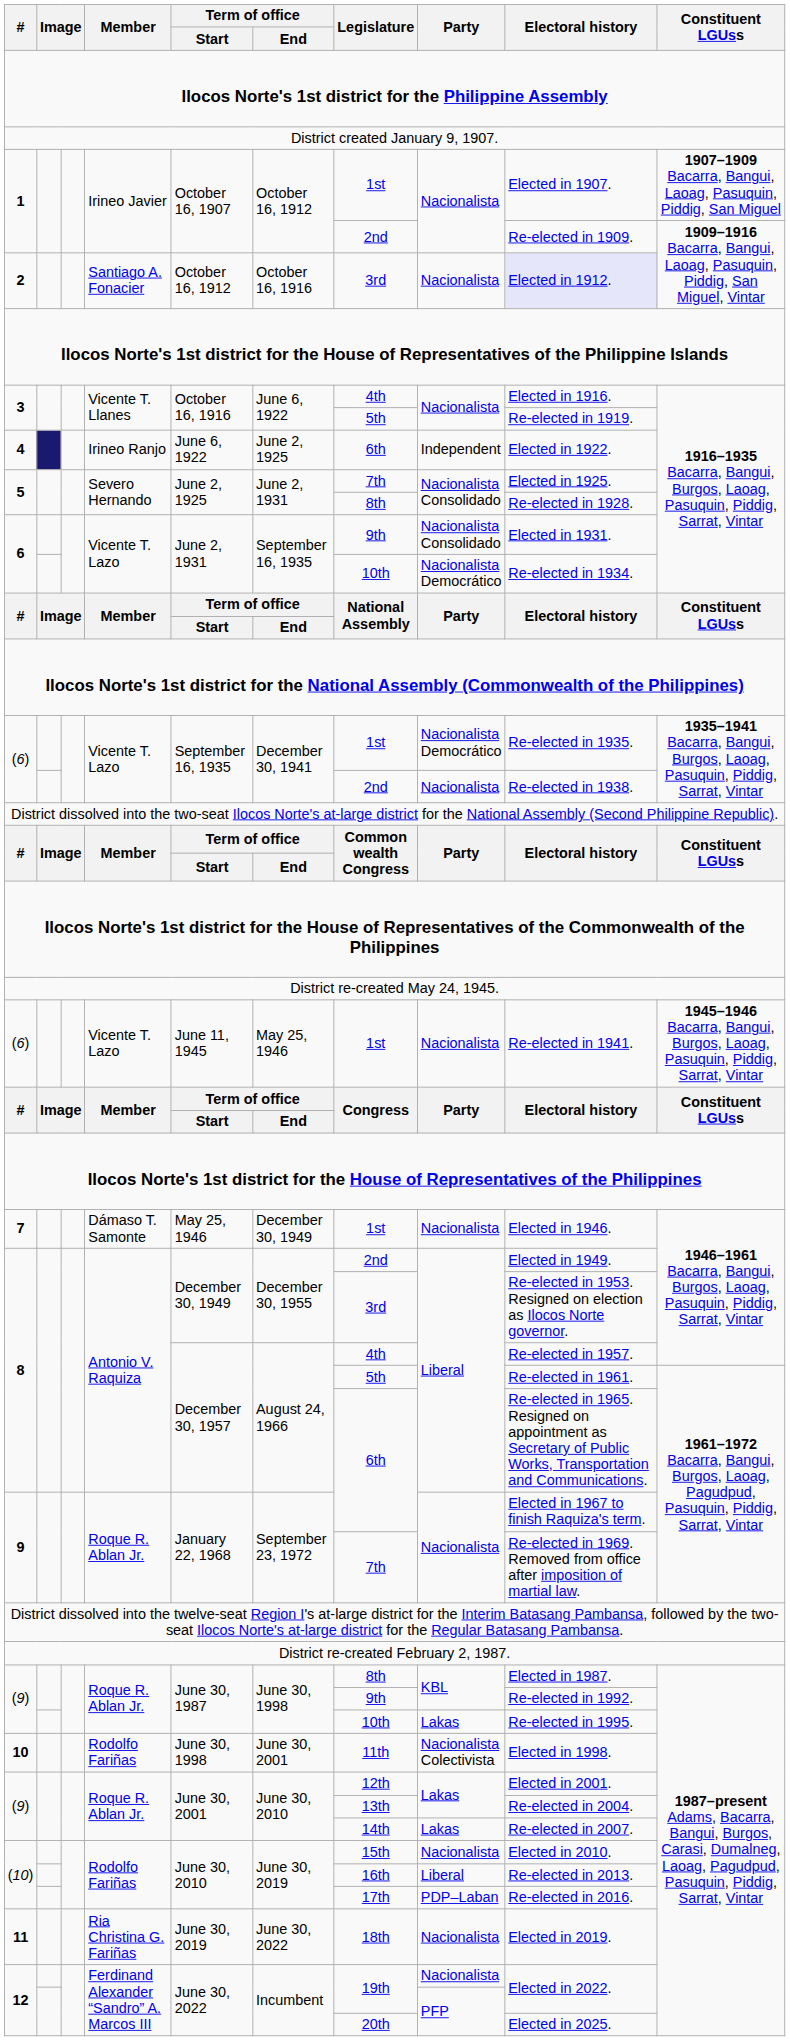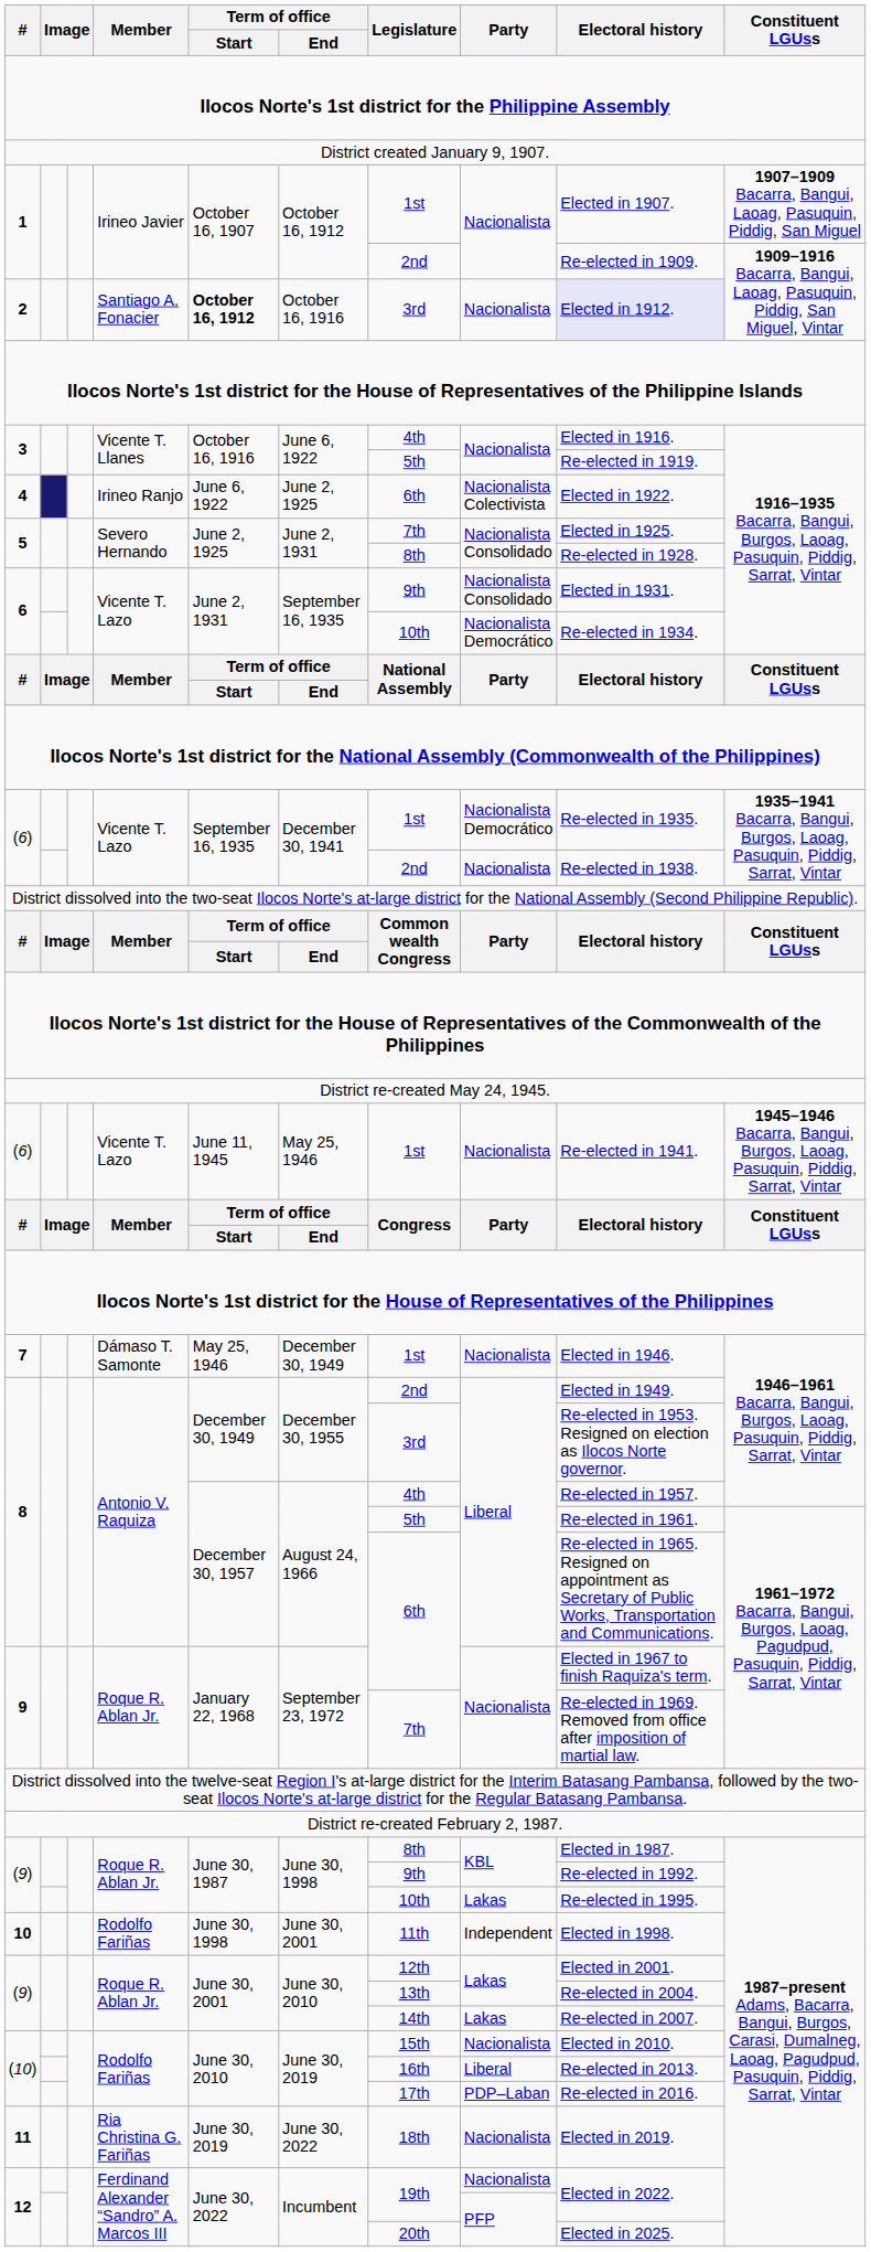 <table class=wikitable>
 <tr>
 <th rowspan="2">#</th>
 <th rowspan="2" colspan=2>Image</th>
 <th rowspan="2">Member</th>
 <th colspan=2>Term of office</th>
 <th rowspan="2">Legislature</th>
 <th rowspan="2">Party</th>
 <th rowspan="2">Electoral history</th>
 <th rowspan="2">Constituent<br><a href='#'>LGUs</a>s</th>
 </tr>
 <tr>
 <th>Start</th>
 <th>End</th>
 </tr>
 <tr>
 <td colspan="10" style="text-align:center;"><br><h3>Ilocos Norte's 1st district for the <a href='#'>Philippine Assembly</a></h3></td>
 </tr>
 <tr>
 <td colspan="10" style="text-align:center;">District created January 9, 1907.</td>
 </tr>
 <tr>
 <td rowspan="2" style="text-align:center;"><strong>1</strong></td>
 <td rowspan="2" style="color:inherit;background:"></td>
 <td rowspan="2"></td>
 <td rowspan="2">Irineo Javier</td>
 <td rowspan="2">October 16, 1907</td>
 <td rowspan="2">October 16, 1912</td>
 <td style="text-align:center;"><a href='#'>1st</a></td>
 <td rowspan="2"><a href='#'>Nacionalista</a></td>
 <td><a href='#'>Elected in 1907</a>.</td>
 <td style="text-align:center;"><strong>1907–1909</strong><br><a href='#'>Bacarra</a>, <a href='#'>Bangui</a>, <a href='#'>Laoag</a>, <a href='#'>Pasuquin</a>, <a href='#'>Piddig</a>, <a href='#'>San Miguel</a></td>
 </tr>
 <tr>
 <td style="text-align:center;"><a href='#'>2nd</a></td>
 <td><a href='#'>Re-elected in 1909</a>.</td>
 <td rowspan="2" style="text-align:center;"><strong>1909–1916</strong><br><a href='#'>Bacarra</a>, <a href='#'>Bangui</a>, <a href='#'>Laoag</a>, <a href='#'>Pasuquin</a>, <a href='#'>Piddig</a>, <a href='#'>San Miguel</a>, <a href='#'>Vintar</a></td>
 </tr>
 <tr>
 <td style="text-align:center;"><strong>2</strong></td>
 <td style="color:inherit;background:"></td>
 <td></td>
 <td><a href='#'>Santiago A. Fonacier</a></td>
-<td>October 16, 1912</td>
+<td><strong>October 16, 1912</strong></td>
 <td>October 16, 1916</td>
 <td style="text-align:center;"><a href='#'>3rd</a></td>
 <td><a href='#'>Nacionalista</a></td>
 <td style="background: lavender;"><a href='#'>Elected in 1912</a>.</td>
 </tr>
 <tr>
 <td colspan="10" style="text-align:center;"><br><h3>Ilocos Norte's 1st district for the House of Representatives of the Philippine Islands</h3></td>
 </tr>
 <tr>
 <td rowspan="2" style="text-align:center;"><strong>3</strong></td>
 <td rowspan="2" style="color:inherit;background:"></td>
 <td rowspan="2"></td>
 <td rowspan="2">Vicente T. Llanes</td>
 <td rowspan="2">October 16, 1916</td>
 <td rowspan="2">June 6, 1922</td>
 <td style="text-align:center;"><a href='#'>4th</a></td>
 <td rowspan="2"><a href='#'>Nacionalista</a></td>
 <td><a href='#'>Elected in 1916</a>.</td>
 <td rowspan="7" style="text-align:center;"><strong>1916–1935</strong><br><a href='#'>Bacarra</a>, <a href='#'>Bangui</a>, <a href='#'>Burgos</a>, <a href='#'>Laoag</a>, <a href='#'>Pasuquin</a>, <a href='#'>Piddig</a>, <a href='#'>Sarrat</a>, <a href='#'>Vintar</a></td>
 </tr>
 <tr>
 <td style="text-align:center;"><a href='#'>5th</a></td>
 <td><a href='#'>Re-elected in 1919</a>.</td>
 </tr>
 <tr>
 <td style="text-align:center;"><strong>4</strong></td>
 <td style="background-color:#191970"></td>
 <td></td>
 <td>Irineo Ranjo</td>
 <td>June 6, 1922</td>
 <td>June 2, 1925</td>
 <td style="text-align:center;"><a href='#'>6th</a></td>
-<td>Independent</td>
+<td><a href='#'>Nacionalista</a><br>Colectivista</td>
 <td><a href='#'>Elected in 1922</a>.</td>
 </tr>
 <tr>
 <td rowspan="2" style="text-align:center;"><strong>5</strong></td>
 <td rowspan="2" style="color:inherit;background:"></td>
 <td rowspan="2"></td>
 <td rowspan="2">Severo Hernando</td>
 <td rowspan="2">June 2, 1925</td>
 <td rowspan="2">June 2, 1931</td>
 <td style="text-align:center;"><a href='#'>7th</a></td>
 <td rowspan="2"><a href='#'>Nacionalista</a><br>Consolidado</td>
 <td><a href='#'>Elected in 1925</a>.</td>
 </tr>
 <tr>
 <td style="text-align:center;"><a href='#'>8th</a></td>
 <td><a href='#'>Re-elected in 1928</a>.</td>
 </tr>
 <tr>
 <td rowspan="2" style="text-align:center;"><strong>6</strong></td>
 <td style="color:inherit;background:"></td>
 <td rowspan="2"></td>
 <td rowspan="2">Vicente T. Lazo</td>
 <td rowspan="2">June 2, 1931</td>
 <td rowspan="2">September 16, 1935</td>
 <td style="text-align:center;"><a href='#'>9th</a></td>
 <td><a href='#'>Nacionalista</a><br>Consolidado</td>
 <td><a href='#'>Elected in 1931</a>.</td>
 </tr>
 <tr>
 <td style="color:inherit;background:"></td>
 <td style="text-align:center;"><a href='#'>10th</a></td>
 <td><a href='#'>Nacionalista</a><br>Democrático</td>
 <td><a href='#'>Re-elected in 1934</a>.</td>
 </tr>
 <tr>
 <th rowspan="2">#</th>
 <th rowspan="2" colspan=2>Image</th>
 <th rowspan="2">Member</th>
 <th colspan=2>Term of office</th>
 <th rowspan="2">National<br>Assembly</th>
 <th rowspan="2">Party</th>
 <th rowspan="2">Electoral history</th>
 <th rowspan="2">Constituent<br><a href='#'>LGUs</a>s</th>
 </tr>
 <tr>
 <th>Start</th>
 <th>End</th>
 </tr>
 <tr>
 <td colspan="10" style="text-align:center;"><br><h3>Ilocos Norte's 1st district for the <a href='#'>National Assembly (Commonwealth of the Philippines)</a></h3></td>
 </tr>
 <tr>
 <td rowspan="2" style="text-align:center;">(<em>6</em>)</td>
 <td style="color:inherit;background:"></td>
 <td rowspan="2"></td>
 <td rowspan="2">Vicente T. Lazo</td>
 <td rowspan="2">September 16, 1935</td>
 <td rowspan="2">December 30, 1941</td>
 <td style="text-align:center;"><a href='#'>1st</a></td>
 <td><a href='#'>Nacionalista</a><br>Democrático</td>
 <td><a href='#'>Re-elected in 1935</a>.</td>
 <td rowspan="2" style="text-align:center;"><strong>1935–1941</strong><br><a href='#'>Bacarra</a>, <a href='#'>Bangui</a>, <a href='#'>Burgos</a>, <a href='#'>Laoag</a>, <a href='#'>Pasuquin</a>, <a href='#'>Piddig</a>, <a href='#'>Sarrat</a>, <a href='#'>Vintar</a></td>
 </tr>
 <tr>
 <td style="color:inherit;background:"></td>
 <td style="text-align:center;"><a href='#'>2nd</a></td>
 <td><a href='#'>Nacionalista</a></td>
 <td><a href='#'>Re-elected in 1938</a>.</td>
 </tr>
 <tr>
 <td colspan="10" style="text-align:center;">District dissolved into the two-seat <a href='#'>Ilocos Norte's at-large district</a> for the <a href='#'>National Assembly (Second Philippine Republic)</a>.</td>
 </tr>
 <tr>
 <th rowspan="2">#</th>
 <th rowspan="2" colspan=2>Image</th>
 <th rowspan="2">Member</th>
 <th colspan=2>Term of office</th>
 <th rowspan="2">Common<br>wealth<br>Congress</th>
 <th rowspan="2">Party</th>
 <th rowspan="2">Electoral history</th>
 <th rowspan="2">Constituent<br><a href='#'>LGUs</a>s</th>
 </tr>
 <tr>
 <th>Start</th>
 <th>End</th>
 </tr>
 <tr>
 <td colspan="10" style="text-align:center;"><br><h3>Ilocos Norte's 1st district for the House of Representatives of the Commonwealth of the Philippines</h3></td>
 </tr>
 <tr>
 <td colspan="10" style="text-align:center;">District re-created May 24, 1945.</td>
 </tr>
 <tr>
 <td style="text-align:center;">(<em>6</em>)</td>
 <td style="color:inherit;background:"></td>
 <td></td>
 <td>Vicente T. Lazo</td>
 <td>June 11, 1945</td>
 <td>May 25, 1946</td>
 <td style="text-align:center;"><a href='#'>1st</a></td>
 <td><a href='#'>Nacionalista</a></td>
 <td><a href='#'>Re-elected in 1941</a>.</td>
 <td style="text-align:center;"><strong>1945–1946</strong><br><a href='#'>Bacarra</a>, <a href='#'>Bangui</a>, <a href='#'>Burgos</a>, <a href='#'>Laoag</a>, <a href='#'>Pasuquin</a>, <a href='#'>Piddig</a>, <a href='#'>Sarrat</a>, <a href='#'>Vintar</a></td>
 </tr>
 <tr>
 <th rowspan="2">#</th>
 <th rowspan="2" colspan=2>Image</th>
 <th rowspan="2">Member</th>
 <th colspan=2>Term of office</th>
 <th rowspan="2">Congress</th>
 <th rowspan="2">Party</th>
 <th rowspan="2">Electoral history</th>
 <th rowspan="2">Constituent<br><a href='#'>LGUs</a>s</th>
 </tr>
 <tr>
 <th>Start</th>
 <th>End</th>
 </tr>
 <tr>
 <td colspan="10" style="text-align:center;"><br><h3>Ilocos Norte's 1st district for the <a href='#'>House of Representatives of the Philippines</a></h3></td>
 </tr>
 <tr>
 <td style="text-align:center;"><strong>7</strong></td>
 <td style="color:inherit;background:"></td>
 <td></td>
 <td>Dámaso T. Samonte</td>
 <td>May 25, 1946</td>
 <td>December 30, 1949</td>
 <td style="text-align:center;"><a href='#'>1st</a></td>
 <td><a href='#'>Nacionalista</a></td>
 <td><a href='#'>Elected in 1946</a>.</td>
 <td rowspan="4" style="text-align:center;"><strong>1946–1961</strong><br><a href='#'>Bacarra</a>, <a href='#'>Bangui</a>, <a href='#'>Burgos</a>, <a href='#'>Laoag</a>, <a href='#'>Pasuquin</a>, <a href='#'>Piddig</a>, <a href='#'>Sarrat</a>, <a href='#'>Vintar</a></td>
 </tr>
 <tr>
 <td rowspan="5" style="text-align:center;"><strong>8</strong></td>
 <td rowspan="5" style="color:inherit;background:"></td>
 <td rowspan="5"></td>
 <td rowspan="5"><a href='#'>Antonio V. Raquiza</a></td>
 <td rowspan="2">December 30, 1949</td>
 <td rowspan="2">December 30, 1955</td>
 <td style="text-align:center;"><a href='#'>2nd</a></td>
 <td rowspan="5"><a href='#'>Liberal</a></td>
 <td><a href='#'>Elected in 1949</a>.</td>
 </tr>
 <tr>
 <td style="text-align:center;"><a href='#'>3rd</a></td>
 <td><a href='#'>Re-elected in 1953</a>.<br>Resigned on election as <a href='#'>Ilocos Norte governor</a>.</td>
 </tr>
 <tr>
 <td rowspan="3">December 30, 1957</td>
 <td rowspan="3">August 24, 1966</td>
 <td style="text-align:center;"><a href='#'>4th</a></td>
 <td><a href='#'>Re-elected in 1957</a>.</td>
 </tr>
 <tr>
 <td style="text-align:center;"><a href='#'>5th</a></td>
 <td><a href='#'>Re-elected in 1961</a>.</td>
 <td rowspan="4" style="text-align:center;"><strong>1961–1972</strong><br><a href='#'>Bacarra</a>, <a href='#'>Bangui</a>, <a href='#'>Burgos</a>, <a href='#'>Laoag</a>, <a href='#'>Pagudpud</a>, <a href='#'>Pasuquin</a>, <a href='#'>Piddig</a>, <a href='#'>Sarrat</a>, <a href='#'>Vintar</a></td>
 </tr>
 <tr>
 <td rowspan="2" style="text-align:center;"><a href='#'>6th</a></td>
 <td><a href='#'>Re-elected in 1965</a>.<br>Resigned on appointment as <a href='#'>Secretary of Public Works, Transportation and Communications</a>.</td>
 </tr>
 <tr>
 <td rowspan="2" style="text-align:center;"><strong>9</strong></td>
 <td rowspan="2" style="color:inherit;background:"></td>
 <td rowspan="2"></td>
 <td rowspan="2"><a href='#'>Roque R. Ablan Jr.</a></td>
 <td rowspan="2">January 22, 1968</td>
 <td rowspan="2">September 23, 1972</td>
 <td rowspan="2"><a href='#'>Nacionalista</a></td>
 <td><a href='#'>Elected in 1967 to finish Raquiza's term</a>.</td>
 </tr>
 <tr>
 <td style="text-align:center;"><a href='#'>7th</a></td>
 <td><a href='#'>Re-elected in 1969</a>.<br>Removed from office after <a href='#'>imposition of martial law</a>.</td>
 </tr>
 <tr>
 <td colspan="10" style="text-align:center;">District dissolved into the twelve-seat <a href='#'>Region I</a>'s at-large district for the <a href='#'>Interim Batasang Pambansa</a>, followed by the two-seat <a href='#'>Ilocos Norte's at-large district</a> for the <a href='#'>Regular Batasang Pambansa</a>.</td>
 </tr>
 <tr>
 <td colspan="10" style="text-align:center;">District re-created February 2, 1987.</td>
 </tr>
 <tr>
 <td rowspan="3" style="text-align:center;">(<em>9</em>)</td>
 <td rowspan="2" style="color:inherit;background:"></td>
 <td rowspan="3"></td>
 <td rowspan="3"><a href='#'>Roque R. Ablan Jr.</a></td>
 <td rowspan="3">June 30, 1987</td>
 <td rowspan="3">June 30, 1998</td>
 <td style="text-align:center;"><a href='#'>8th</a></td>
 <td rowspan="2"><a href='#'>KBL</a></td>
 <td><a href='#'>Elected in 1987</a>.</td>
 <td rowspan="14" style="text-align:center;"><strong>1987–present</strong><br><a href='#'>Adams</a>, <a href='#'>Bacarra</a>, <a href='#'>Bangui</a>, <a href='#'>Burgos</a>, <a href='#'>Carasi</a>, <a href='#'>Dumalneg</a>, <a href='#'>Laoag</a>, <a href='#'>Pagudpud</a>, <a href='#'>Pasuquin</a>, <a href='#'>Piddig</a>, <a href='#'>Sarrat</a>, <a href='#'>Vintar</a></td>
 </tr>
 <tr>
 <td style="text-align:center;"><a href='#'>9th</a></td>
 <td><a href='#'>Re-elected in 1992</a>.</td>
 </tr>
 <tr>
 <td style="color:inherit;background:"></td>
 <td style="text-align:center;"><a href='#'>10th</a></td>
 <td><a href='#'>Lakas</a></td>
 <td><a href='#'>Re-elected in 1995</a>.</td>
 </tr>
 <tr>
 <td style="text-align:center;"><strong>10</strong></td>
 <td style="color:inherit;background:"></td>
 <td></td>
 <td><a href='#'>Rodolfo Fariñas</a></td>
 <td>June 30, 1998</td>
 <td>June 30, 2001</td>
 <td style="text-align:center;"><a href='#'>11th</a></td>
-<td><a href='#'>Nacionalista</a><br>Colectivista</td>
+<td>Independent</td>
 <td><a href='#'>Elected in 1998</a>.</td>
 </tr>
 <tr>
 <td rowspan="3" style="text-align:center;">(<em>9</em>)</td>
 <td rowspan="3" style="color:inherit;background:"></td>
 <td rowspan="3"></td>
 <td rowspan="3"><a href='#'>Roque R. Ablan Jr.</a></td>
 <td rowspan="3">June 30, 2001</td>
 <td rowspan="3">June 30, 2010</td>
 <td style="text-align:center;"><a href='#'>12th</a></td>
 <td rowspan="2"><a href='#'>Lakas</a></td>
 <td><a href='#'>Elected in 2001</a>.</td>
 </tr>
 <tr>
 <td style="text-align:center;"><a href='#'>13th</a></td>
 <td><a href='#'>Re-elected in 2004</a>.</td>
 </tr>
 <tr>
 <td style="text-align:center;"><a href='#'>14th</a></td>
 <td><a href='#'>Lakas</a></td>
 <td><a href='#'>Re-elected in 2007</a>.</td>
 </tr>
 <tr>
 <td rowspan="3" style="text-align:center;">(<em>10</em>)</td>
 <td style="color:inherit;background:"></td>
 <td rowspan="3"></td>
 <td rowspan="3"><a href='#'>Rodolfo Fariñas</a></td>
 <td rowspan="3">June 30, 2010</td>
 <td rowspan="3">June 30, 2019</td>
 <td style="text-align:center;"><a href='#'>15th</a></td>
 <td><a href='#'>Nacionalista</a></td>
 <td><a href='#'>Elected in 2010</a>.</td>
 </tr>
 <tr>
 <td style="color:inherit;background:"></td>
 <td style="text-align:center;"><a href='#'>16th</a></td>
 <td><a href='#'>Liberal</a></td>
 <td><a href='#'>Re-elected in 2013</a>.</td>
 </tr>
 <tr>
 <td style="color:inherit;background:"></td>
 <td style="text-align:center;"><a href='#'>17th</a></td>
 <td><a href='#'>PDP–Laban</a></td>
 <td><a href='#'>Re-elected in 2016</a>.</td>
 </tr>
 <tr>
 <td style="text-align:center;"><strong>11</strong></td>
 <td style="color:inherit;background:"></td>
 <td></td>
 <td><a href='#'>Ria Christina G. Fariñas</a></td>
 <td>June 30, 2019</td>
 <td>June 30, 2022</td>
 <td style="text-align:center;"><a href='#'>18th</a></td>
 <td><a href='#'>Nacionalista</a></td>
 <td><a href='#'>Elected in 2019</a>.</td>
 </tr>
 <tr>
 <td style="text-align:center;" rowspan="3"><strong>12</strong></td>
 <td style="color:inherit;background:"></td>
 <td rowspan="3"></td>
 <td rowspan="3"><a href='#'>Ferdinand Alexander “Sandro” A. Marcos III</a></td>
 <td rowspan="3">June 30, 2022</td>
 <td rowspan="3">Incumbent</td>
 <td style="text-align:center;" rowspan="2"><a href='#'>19th</a></td>
 <td><a href='#'>Nacionalista</a></td>
 <td rowspan="2"><a href='#'>Elected in 2022</a>.</td>
 </tr>
 <tr>
 <td rowspan="2" style="color:inherit;background:"></td>
 <td rowspan="2"><a href='#'>PFP</a></td>
 </tr>
 <tr>
 <td style="text-align:center;"><a href='#'>20th</a></td>
 <td><a href='#'>Elected in 2025</a>.</td>
 </tr>
 </table>
